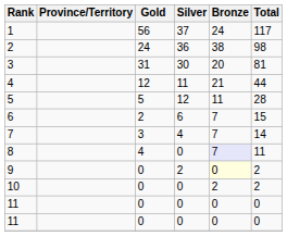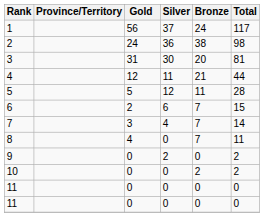 <table class="wikitable">
 <tr>
 <th><strong>Rank</strong></th>
 <th><strong>Province/Territory</strong></th>
 <th bgcolor="gold"><strong> Gold  </strong></th>
 <th bgcolor="silver"><strong>Silver</strong></th>
 <th bgcolor="CC9966"><strong>Bronze</strong></th>
 <th><strong>Total</strong></th>
 </tr>
 <tr>
 <td>1</td>
 <td></td>
 <td>56</td>
 <td>37</td>
 <td>24</td>
 <td>117</td>
 </tr>
 <tr>
 <td>2</td>
 <td></td>
 <td>24</td>
 <td>36</td>
 <td>38</td>
 <td>98</td>
 </tr>
 <tr>
 <td>3</td>
 <td></td>
 <td>31</td>
 <td>30</td>
 <td>20</td>
 <td>81</td>
 </tr>
 <tr>
 <td>4</td>
 <td></td>
 <td>12</td>
 <td>11</td>
 <td>21</td>
 <td>44</td>
 </tr>
 <tr>
 <td>5</td>
 <td></td>
 <td>5</td>
 <td>12</td>
 <td>11</td>
 <td>28</td>
 </tr>
 <tr>
 <td>6</td>
 <td></td>
 <td>2</td>
 <td>6</td>
 <td>7</td>
 <td>15</td>
 </tr>
 <tr>
 <td>7</td>
 <td><strong></strong></td>
 <td>3</td>
 <td>4</td>
 <td>7</td>
 <td>14</td>
 </tr>
 <tr>
 <td>8</td>
 <td></td>
 <td>4</td>
 <td>0</td>
-<td style="background: lavender;">7</td>
+<td>7</td>
 <td>11</td>
 </tr>
 <tr>
 <td>9</td>
 <td></td>
 <td>0</td>
 <td>2</td>
-<td style="background: lightyellow;">0</td>
+<td>0</td>
 <td>2</td>
 </tr>
 <tr>
 <td>10</td>
 <td></td>
 <td>0</td>
 <td>0</td>
 <td>2</td>
 <td>2</td>
 </tr>
 <tr>
 <td>11</td>
 <td></td>
 <td>0</td>
 <td>0</td>
 <td>0</td>
 <td>0</td>
 </tr>
 <tr>
 <td>11</td>
 <td></td>
 <td>0</td>
 <td>0</td>
 <td>0</td>
 <td>0</td>
 </tr>
 <tr>
 </tr>
 </table>
